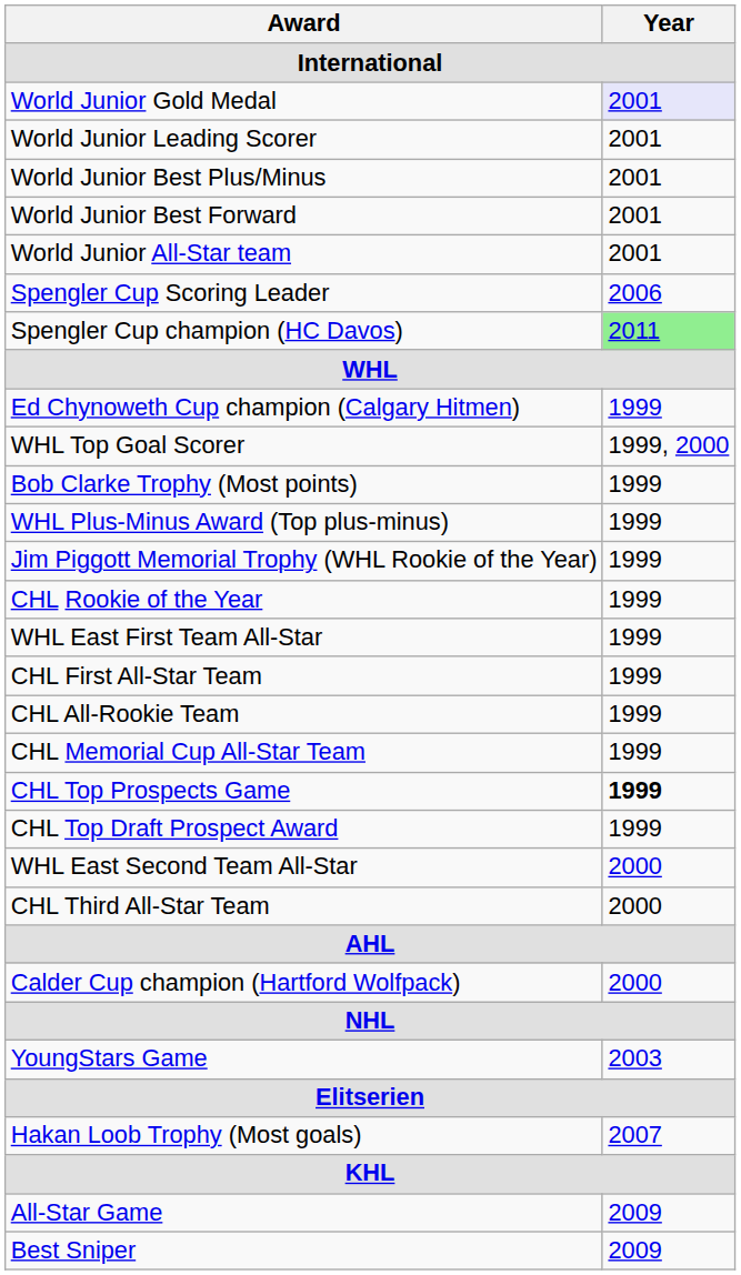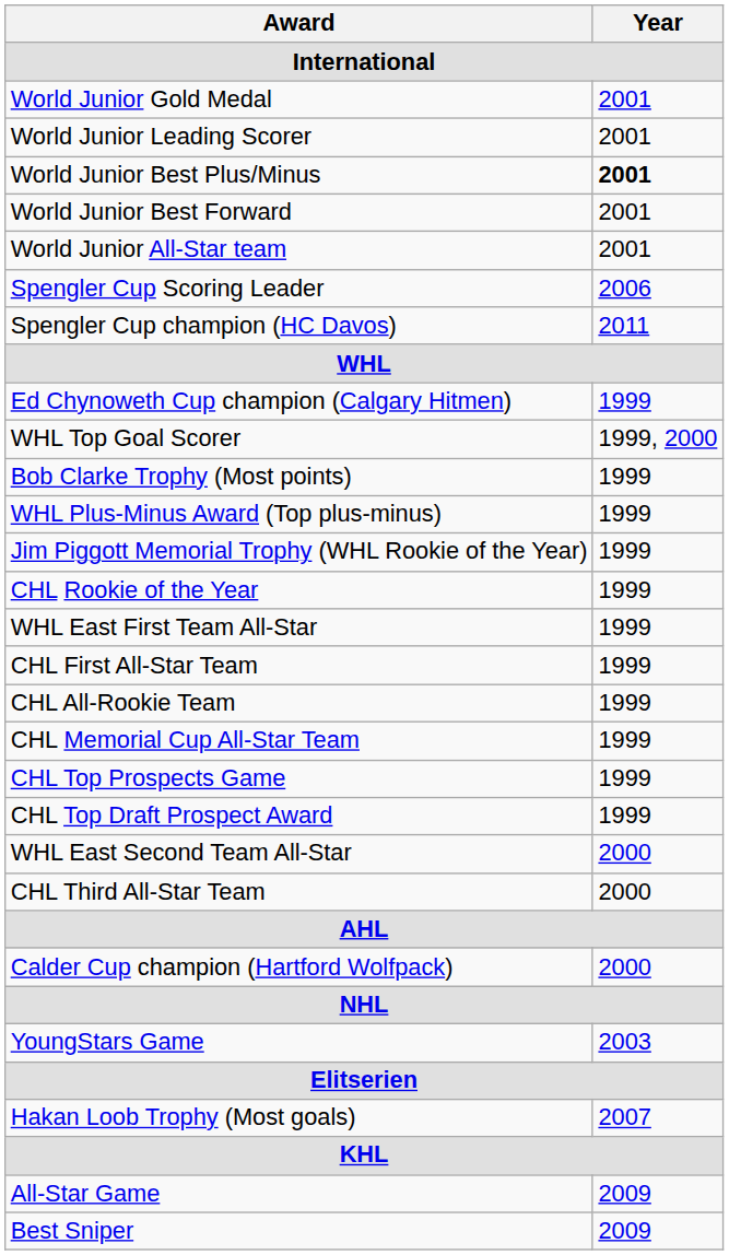 <table class="wikitable">
 <tr>
 <th>Award</th>
 <th>Year</th>
 </tr>
 <tr ALIGN="center" bgcolor="#e0e0e0">
 <td colspan="2"><strong>International</strong></td>
 </tr>
 <tr>
 <td><a href='#'>World Junior</a> Gold Medal</td>
-<td style="background: lavender;"><a href='#'>2001</a></td>
+<td><a href='#'>2001</a></td>
 </tr>
 <tr>
 <td>World Junior Leading Scorer</td>
 <td>2001</td>
 </tr>
 <tr>
 <td>World Junior Best Plus/Minus</td>
-<td>2001</td>
+<td><strong>2001</strong></td>
 </tr>
 <tr>
 <td>World Junior Best Forward</td>
 <td>2001</td>
 </tr>
 <tr>
 <td>World Junior <a href='#'>All-Star team</a></td>
 <td>2001</td>
 </tr>
 <tr>
 <td><a href='#'>Spengler Cup</a> Scoring Leader</td>
 <td><a href='#'>2006</a></td>
 </tr>
 <tr>
 <td>Spengler Cup champion (<a href='#'>HC Davos</a>)</td>
-<td style="background: lightgreen;"><a href='#'>2011</a></td>
+<td><a href='#'>2011</a></td>
 </tr>
 <tr ALIGN="center" bgcolor="#e0e0e0">
 <td colspan="2"><strong><a href='#'>WHL</a></strong></td>
 </tr>
 <tr>
 <td><a href='#'>Ed Chynoweth Cup</a> champion (<a href='#'>Calgary Hitmen</a>)</td>
 <td><a href='#'>1999</a></td>
 </tr>
 <tr>
 <td>WHL Top Goal Scorer</td>
 <td>1999, <a href='#'>2000</a></td>
 </tr>
 <tr>
 <td><a href='#'>Bob Clarke Trophy</a> (Most points)</td>
 <td>1999</td>
 </tr>
 <tr>
 <td><a href='#'>WHL Plus-Minus Award</a> (Top plus-minus)</td>
 <td>1999</td>
 </tr>
 <tr>
 <td><a href='#'>Jim Piggott Memorial Trophy</a> (WHL Rookie of the Year)</td>
 <td>1999</td>
 </tr>
 <tr>
 <td><a href='#'>CHL</a> <a href='#'>Rookie of the Year</a></td>
 <td>1999</td>
 </tr>
 <tr>
 <td>WHL East First Team All-Star</td>
 <td>1999</td>
 </tr>
 <tr>
 <td>CHL First All-Star Team</td>
 <td>1999</td>
 </tr>
 <tr>
 <td>CHL All-Rookie Team</td>
 <td>1999</td>
 </tr>
 <tr>
 <td>CHL <a href='#'>Memorial Cup All-Star Team</a></td>
 <td>1999</td>
 </tr>
 <tr>
 <td><a href='#'>CHL Top Prospects Game</a></td>
-<td><strong>1999</strong></td>
+<td>1999</td>
 </tr>
 <tr>
 <td>CHL <a href='#'>Top Draft Prospect Award</a></td>
 <td>1999</td>
 </tr>
 <tr>
 <td>WHL East Second Team All-Star</td>
 <td><a href='#'>2000</a></td>
 </tr>
 <tr>
 <td>CHL Third All-Star Team</td>
 <td>2000</td>
 </tr>
 <tr ALIGN="center" bgcolor="#e0e0e0">
 <td colspan="2"><strong><a href='#'>AHL</a></strong></td>
 </tr>
 <tr>
 <td><a href='#'>Calder Cup</a> champion (<a href='#'>Hartford Wolfpack</a>)</td>
 <td><a href='#'>2000</a></td>
 </tr>
 <tr ALIGN="center" bgcolor="#e0e0e0">
 <td colspan="2"><strong><a href='#'>NHL</a></strong></td>
 </tr>
 <tr>
 <td><a href='#'>YoungStars Game</a></td>
 <td><a href='#'>2003</a></td>
 </tr>
 <tr ALIGN="center" bgcolor="#e0e0e0">
 <td colspan="2"><strong><a href='#'>Elitserien</a></strong></td>
 </tr>
 <tr>
 <td><a href='#'>Hakan Loob Trophy</a> (Most goals)</td>
 <td><a href='#'>2007</a></td>
 </tr>
 <tr ALIGN="center" bgcolor="#e0e0e0">
 <td colspan="2"><strong><a href='#'>KHL</a></strong></td>
 </tr>
 <tr>
 <td><a href='#'>All-Star Game</a></td>
 <td><a href='#'>2009</a></td>
 </tr>
 <tr>
 <td><a href='#'>Best Sniper</a></td>
 <td><a href='#'>2009</a></td>
 </tr>
 </table>
